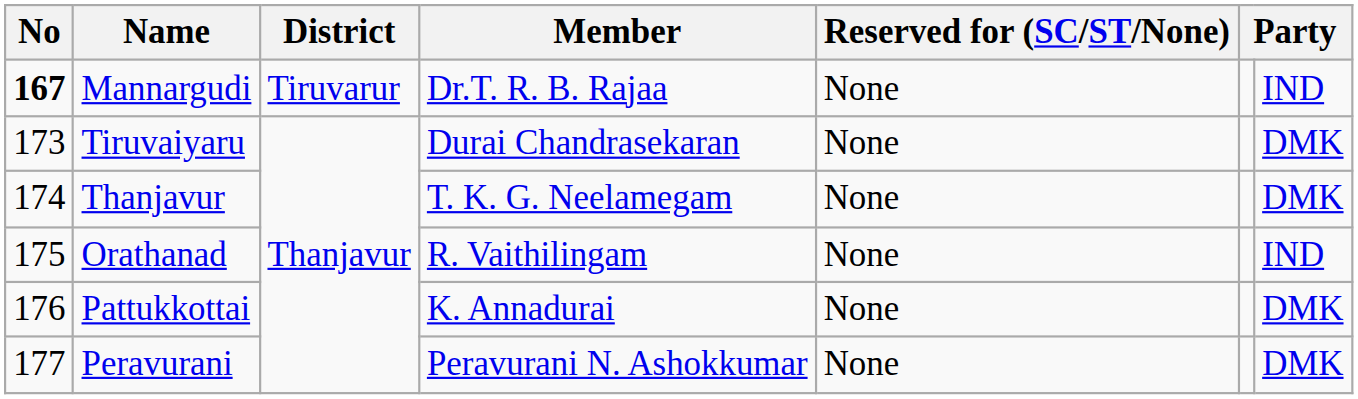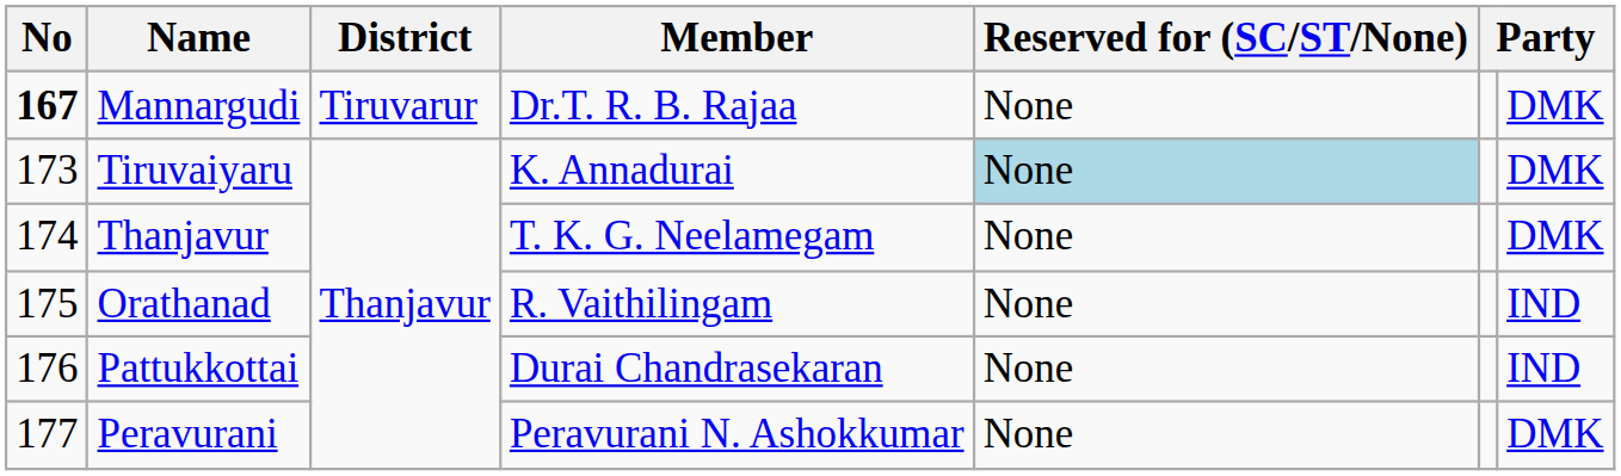 <table class="wikitable sortable">
 <tr>
 <th>No</th>
 <th>Name</th>
 <th>District</th>
 <th>Member</th>
 <th>Reserved for (<a href='#'>SC</a>/<a href='#'>ST</a>/None)</th>
 <th colspan="2">Party</th>
 </tr>
 <tr>
 <td><strong>167</strong></td>
 <td><a href='#'>Mannargudi</a></td>
 <td rowspan="1"><a href='#'>Tiruvarur</a></td>
 <td><a href='#'>Dr.T. R. B. Rajaa</a></td>
 <td>None</td>
 <td style="background-color: "></td>
-<td><a href='#'>IND</a></td>
+<td><a href='#'>DMK</a></td>
 </tr>
 <tr>
 <td>173</td>
 <td><a href='#'>Tiruvaiyaru</a></td>
 <td rowspan="5"><a href='#'>Thanjavur</a></td>
-<td><a href='#'>Durai Chandrasekaran</a></td>
-<td>None</td>
+<td><a href='#'>K. Annadurai</a></td>
+<td style="background: lightblue;">None</td>
 <td style="background-color: "></td>
 <td><a href='#'>DMK</a></td>
 </tr>
 <tr>
 <td>174</td>
 <td><a href='#'>Thanjavur</a></td>
 <td><a href='#'>T. K. G. Neelamegam</a></td>
 <td>None</td>
 <td style="background-color: "></td>
 <td><a href='#'>DMK</a></td>
 </tr>
 <tr>
 <td>175</td>
 <td><a href='#'>Orathanad</a></td>
 <td><a href='#'>R. Vaithilingam</a></td>
 <td>None</td>
 <td style="background-color: "></td>
 <td><a href='#'>IND</a></td>
 </tr>
 <tr>
 <td>176</td>
 <td><a href='#'>Pattukkottai</a></td>
-<td><a href='#'>K. Annadurai</a></td>
+<td><a href='#'>Durai Chandrasekaran</a></td>
 <td>None</td>
 <td style="background-color: "></td>
-<td><a href='#'>DMK</a></td>
+<td><a href='#'>IND</a></td>
 </tr>
 <tr>
 <td>177</td>
 <td><a href='#'>Peravurani</a></td>
 <td><a href='#'>Peravurani N. Ashokkumar</a></td>
 <td>None</td>
 <td style="background-color: "></td>
 <td><a href='#'>DMK</a></td>
 </tr>
 </table>
